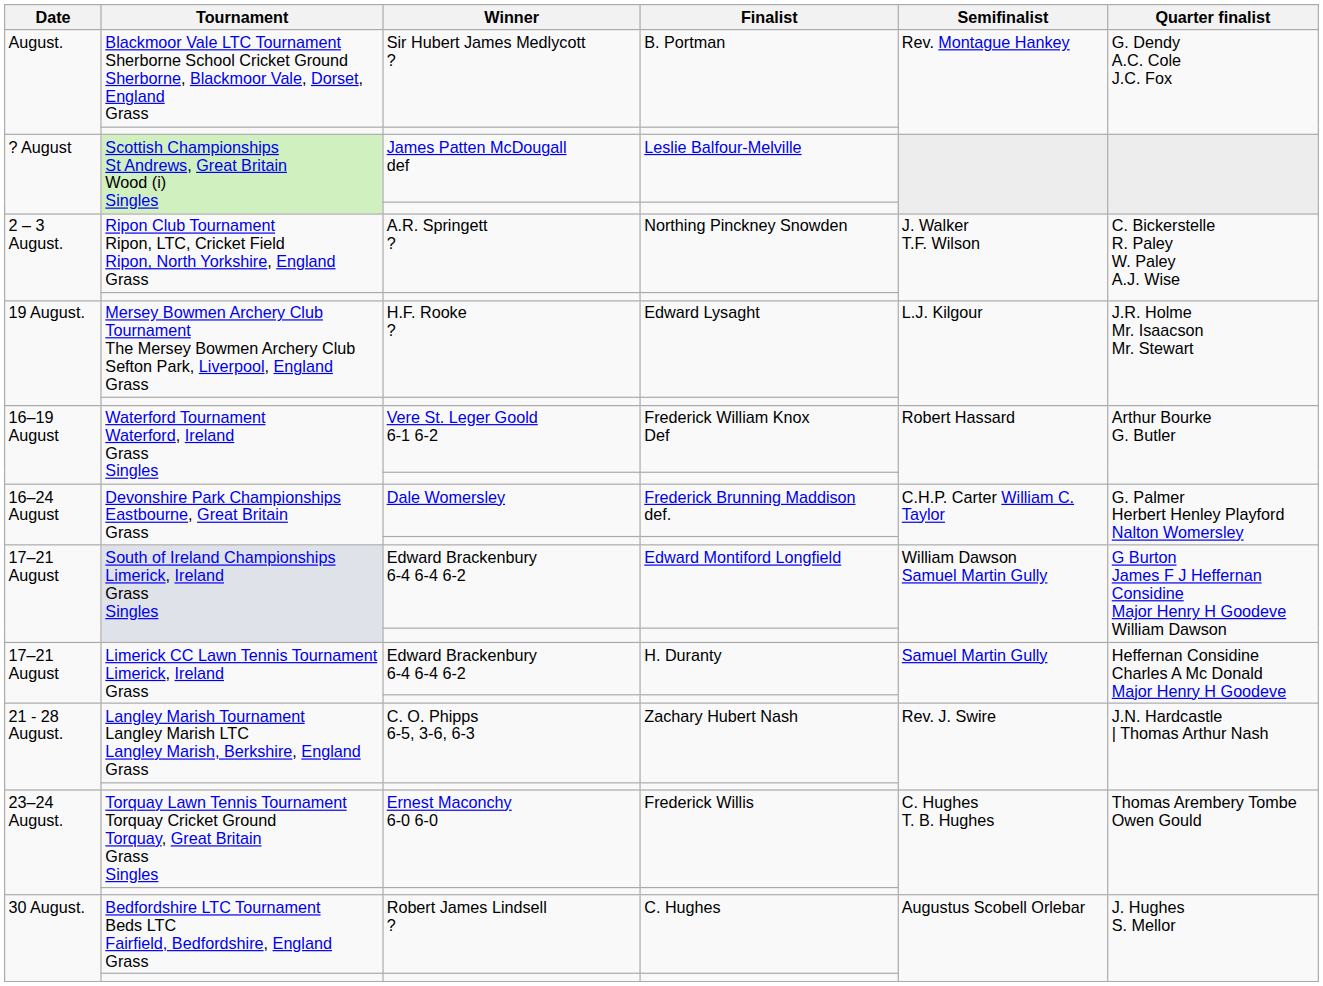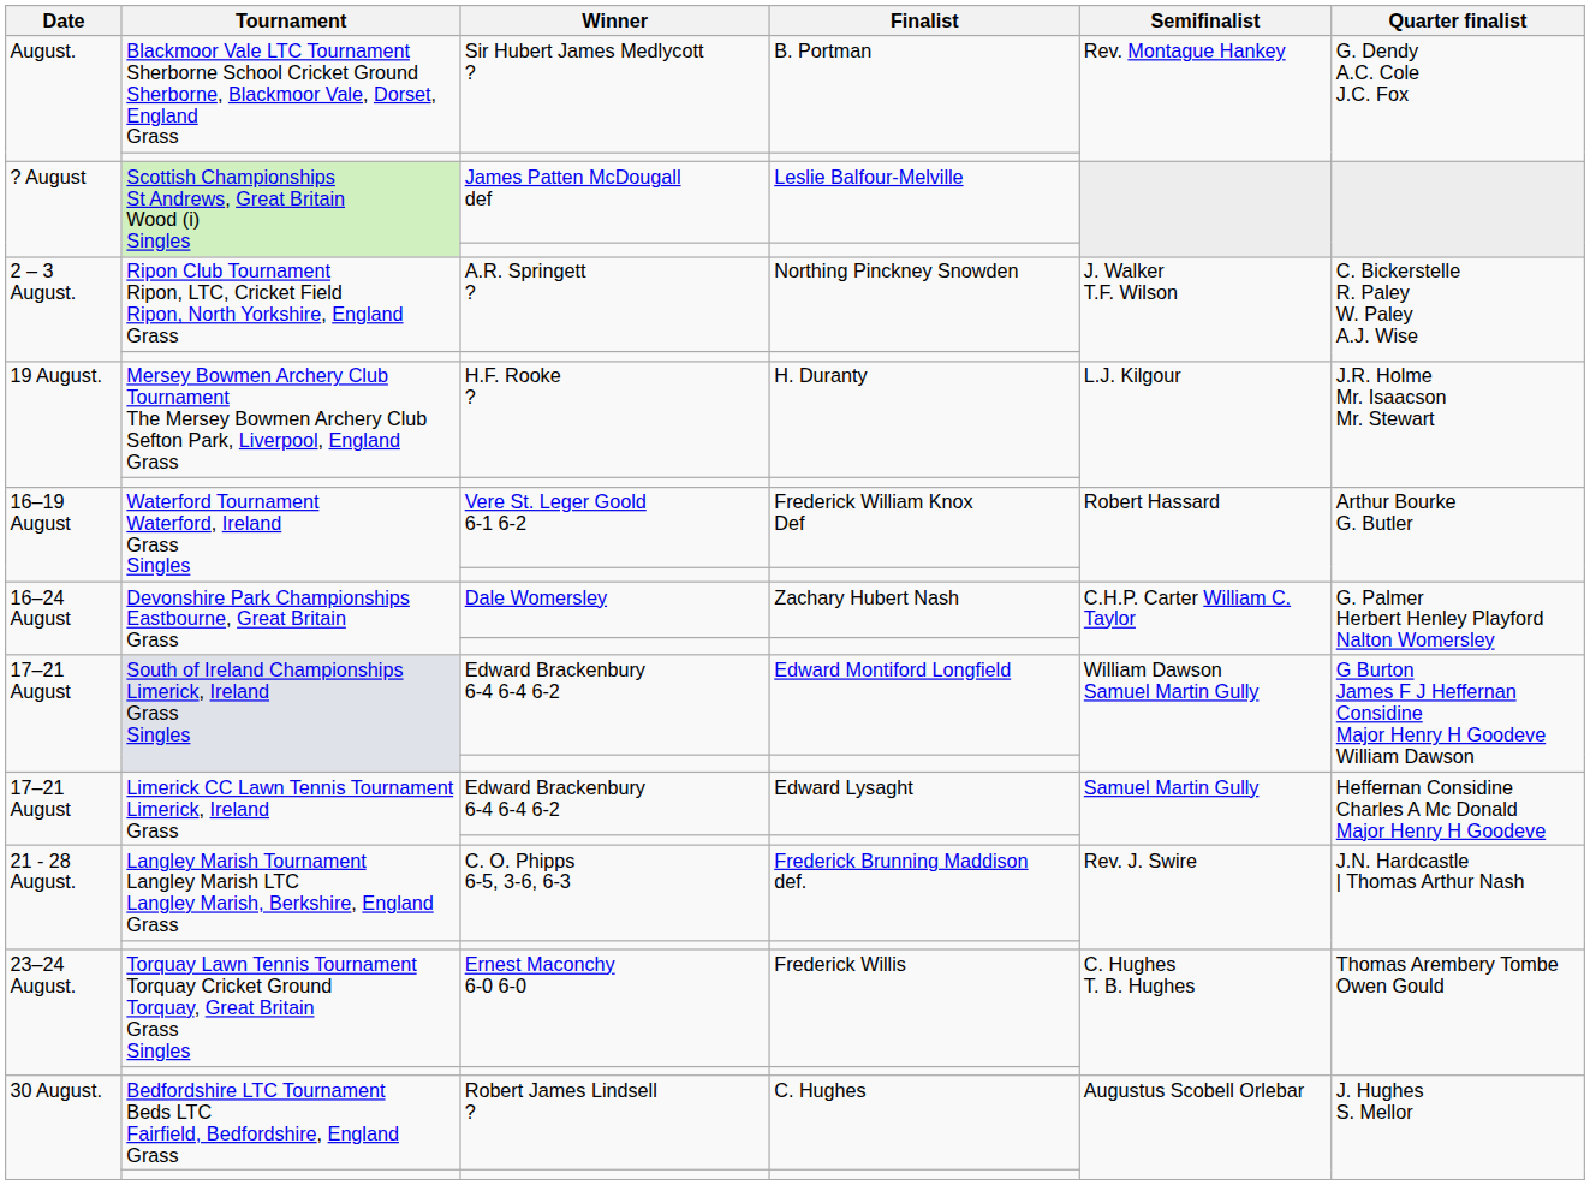 <table class="wikitable" style="font-size:85%;">
 <tr>
 <th width="75">Date</th>
 <th width="230">Tournament</th>
 <th width="210">Winner</th>
 <th width="210">Finalist</th>
 <th width="170">Semifinalist</th>
 <th width="170">Quarter finalist</th>
 </tr>
 <tr valign=top>
 <td rowspan=2>August.</td>
 <td><a href='#'>Blackmoor Vale LTC Tournament</a><br>Sherborne School Cricket Ground<br><a href='#'>Sherborne</a>, <a href='#'>Blackmoor Vale</a>, <a href='#'>Dorset</a>, <a href='#'>England</a><br>Grass<br></td>
 <td> Sir Hubert James Medlycott<br>?</td>
 <td> B. Portman</td>
 <td rowspan=2> Rev. <a href='#'>Montague Hankey</a></td>
 <td rowspan=2> G. Dendy<br>  A.C. Cole<br>  J.C. Fox<br></td>
 </tr>
 <tr valign=top>
 <td></td>
 <td></td>
 </tr>
 <tr valign=top>
 <td rowspan=2>? August</td>
 <td style="background:#d0f0c0" rowspan=2><a href='#'>Scottish Championships</a><br> <a href='#'>St Andrews</a>, <a href='#'>Great Britain</a><br>Wood (i)<br><a href='#'>Singles</a></td>
 <td> <a href='#'>James Patten McDougall</a> <br> def</td>
 <td> <a href='#'>Leslie Balfour-Melville</a></td>
 <td style="background:#ededed;" rowspan=2></td>
 <td style="background:#ededed;" rowspan=2></td>
 </tr>
 <tr valign=topstyle>
 <td></td>
 <td></td>
 </tr>
 <tr valign=top>
 <td rowspan=2>2 – 3 August.</td>
 <td><a href='#'>Ripon Club Tournament</a><br>Ripon, LTC, Cricket Field<br><a href='#'>Ripon, North Yorkshire</a>, <a href='#'>England</a><br>Grass<br></td>
 <td> A.R. Springett<br>?</td>
 <td> Northing Pinckney Snowden</td>
 <td rowspan=2> J. Walker<br> T.F. Wilson</td>
 <td rowspan=2> C. Bickerstelle<br> R. Paley<br>  W. Paley<br> A.J. Wise</td>
 </tr>
 <tr valign=top>
 <td></td>
 <td></td>
 </tr>
 <tr valign=top>
 <td rowspan=2>19 August.</td>
 <td><a href='#'>Mersey Bowmen Archery Club Tournament</a><br>The Mersey Bowmen Archery Club<br>Sefton Park, <a href='#'>Liverpool</a>, <a href='#'>England</a><br>Grass<br></td>
 <td>  H.F. Rooke<br>?</td>
-<td> Edward Lysaght</td>
+<td> H. Duranty</td>
 <td rowspan=2> L.J. Kilgour</td>
 <td rowspan=2> J.R. Holme<br> Mr. Isaacson<br> Mr. Stewart<br></td>
 </tr>
 <tr valign=top>
 <td></td>
 <td></td>
 </tr>
 <tr valign=top>
 <td rowspan=2>16–19 August</td>
 <td rowspan=2><a href='#'>Waterford Tournament</a><br> <a href='#'>Waterford</a>, <a href='#'>Ireland</a><br>Grass<br><a href='#'>Singles</a></td>
 <td> <a href='#'>Vere St. Leger Goold</a><br> 6-1 6-2</td>
 <td> Frederick William Knox <br> Def</td>
 <td rowspan=2> Robert Hassard</td>
 <td rowspan=2> Arthur Bourke<br>  G. Butler<br></td>
 </tr>
 <tr valign=top>
 <td></td>
 <td></td>
 </tr>
 <tr valign=top>
 <td rowspan=2>16–24 August</td>
 <td rowspan=2><a href='#'>Devonshire Park Championships</a><br> <a href='#'>Eastbourne</a>, <a href='#'>Great Britain</a><br>Grass<br></td>
 <td> <a href='#'>Dale Womersley</a><br></td>
-<td> <a href='#'>Frederick Brunning Maddison</a><br>def.</td>
+<td> Zachary Hubert Nash</td>
 <td rowspan=2> C.H.P. Carter <a href='#'>William C. Taylor</a></td>
 <td rowspan=2> G. Palmer<br> Herbert Henley Playford<br> <a href='#'>Nalton Womersley</a><br></td>
 </tr>
 <tr valign=top>
 <td></td>
 <td></td>
 </tr>
 <tr valign=top>
 <td rowspan=2>17–21 August</td>
 <td style="background:#dfe2e9" rowspan=2><a href='#'>South of Ireland Championships</a> <a href='#'>Limerick</a>, <a href='#'>Ireland</a><br>Grass<br><a href='#'>Singles</a></td>
 <td> Edward Brackenbury<br>6-4 6-4 6-2</td>
 <td> <a href='#'>Edward Montiford Longfield</a></td>
 <td rowspan=2> William Dawson<br> <a href='#'>Samuel Martin Gully</a></td>
 <td rowspan=2> <a href='#'>G Burton</a><br>  <a href='#'>James F J Heffernan Considine</a><br>  <a href='#'>Major Henry H Goodeve</a><br>  William Dawson</td>
 </tr>
 <tr valign=top>
 <td></td>
 <td></td>
 </tr>
 <tr valign=top>
 <td rowspan=2>17–21 August</td>
 <td rowspan=2><a href='#'>Limerick CC Lawn Tennis Tournament</a><br><a href='#'>Limerick</a>, <a href='#'>Ireland</a><br>Grass</td>
 <td> Edward Brackenbury<br>6-4 6-4 6-2</td>
-<td> H. Duranty</td>
+<td> Edward Lysaght</td>
 <td rowspan=2> <a href='#'>Samuel Martin Gully</a></td>
 <td rowspan=2> Heffernan Considine <br> Charles A Mc Donald<br> <a href='#'>Major Henry H Goodeve</a></td>
 </tr>
 <tr valign=top>
 <td></td>
 <td></td>
 </tr>
 <tr valign=top>
 <td rowspan=2>21 - 28 August.</td>
 <td><a href='#'>Langley Marish Tournament</a><br>Langley Marish LTC<br> <a href='#'>Langley Marish, Berkshire</a>, <a href='#'>England</a><br>Grass<br></td>
 <td> C. O. Phipps<br>6-5, 3-6, 6-3</td>
-<td> Zachary Hubert Nash</td>
+<td> <a href='#'>Frederick Brunning Maddison</a><br>def.</td>
 <td rowspan=2> Rev. J. Swire</td>
 <td rowspan=2> J.N. Hardcastle<br>| Thomas Arthur Nash<br></td>
 </tr>
 <tr valign=top>
 <td></td>
 <td></td>
 </tr>
 <tr valign=top>
 <td rowspan=2>23–24 August.</td>
 <td><a href='#'>Torquay Lawn Tennis Tournament</a><br>Torquay Cricket Ground<br><a href='#'>Torquay</a>, <a href='#'>Great Britain</a><br>Grass<br><a href='#'>Singles</a></td>
 <td> <a href='#'>Ernest Maconchy</a><br>6-0 6-0</td>
 <td> Frederick Willis</td>
 <td rowspan=2> C. Hughes<br>  T. B. Hughes</td>
 <td rowspan=2> Thomas Arembery Tombe<br>  Owen Gould</td>
 </tr>
 <tr valign=top>
 <td></td>
 <td></td>
 </tr>
 <tr valign=top>
 <td rowspan=2>30 August.</td>
 <td><a href='#'>Bedfordshire LTC Tournament</a><br>Beds LTC<br><a href='#'>Fairfield, Bedfordshire</a>, <a href='#'>England</a><br>Grass<br></td>
 <td> Robert James Lindsell<br>?</td>
 <td> C. Hughes</td>
 <td rowspan=2> Augustus Scobell Orlebar</td>
 <td rowspan=2> J. Hughes<br> S. Mellor<br></td>
 </tr>
 <tr valign=top>
 <td></td>
 <td></td>
 </tr>
 <tr valign=top>
 </tr>
 </table>
